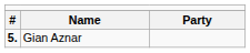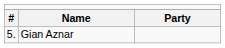 <table class=wikitable style="font-size:90%">
 <tr>
 <td colspan=4 bgcolor=></td>
 </tr>
 <tr>
 </tr>
 <tr>
 <th>#</th>
 <th width=150px>Name</th>
 <th colspan=2 width=110px>Party</th>
 </tr>
 <tr>
-<td><strong>5.</strong></td>
+<td>5.</td>
 <td>Gian Aznar</td>
 <td></td>
 </tr>
 </table>
